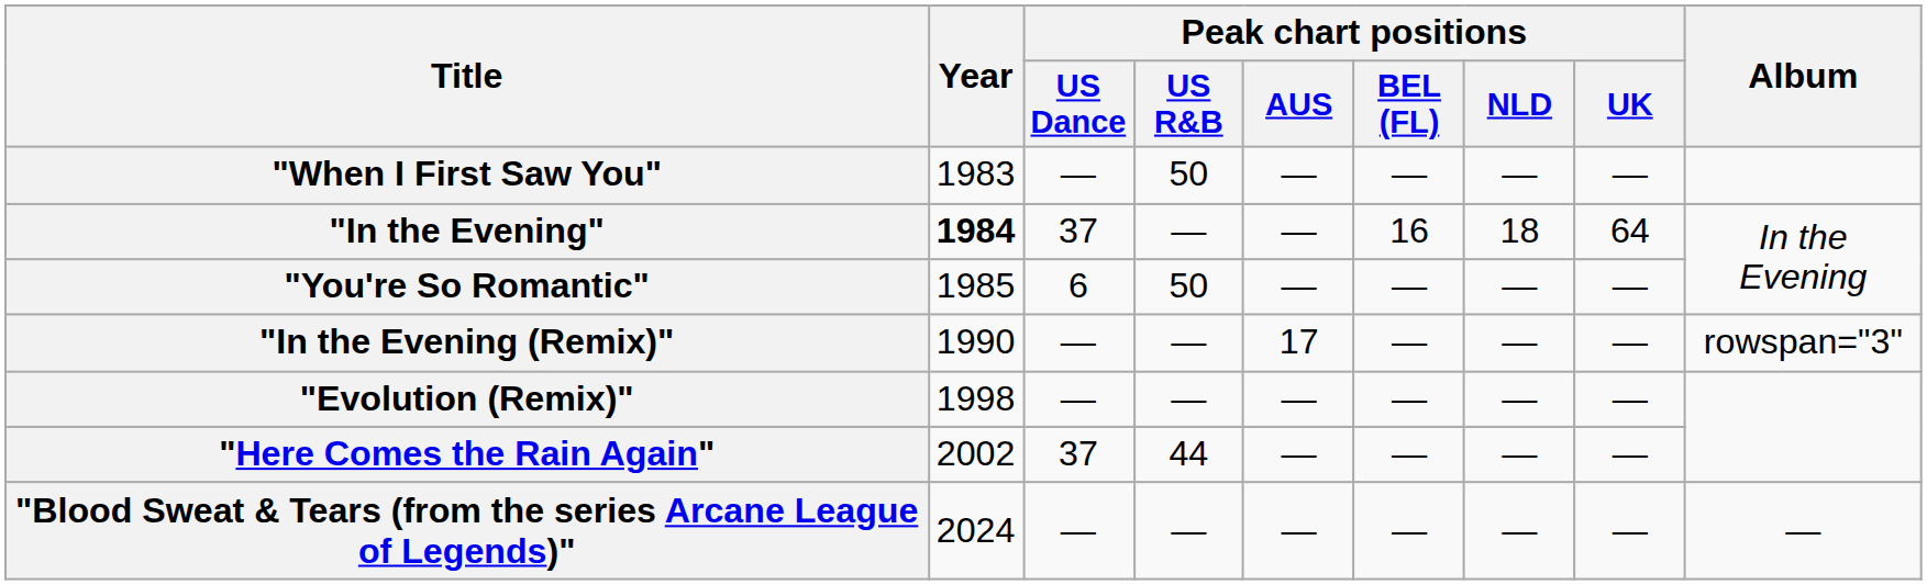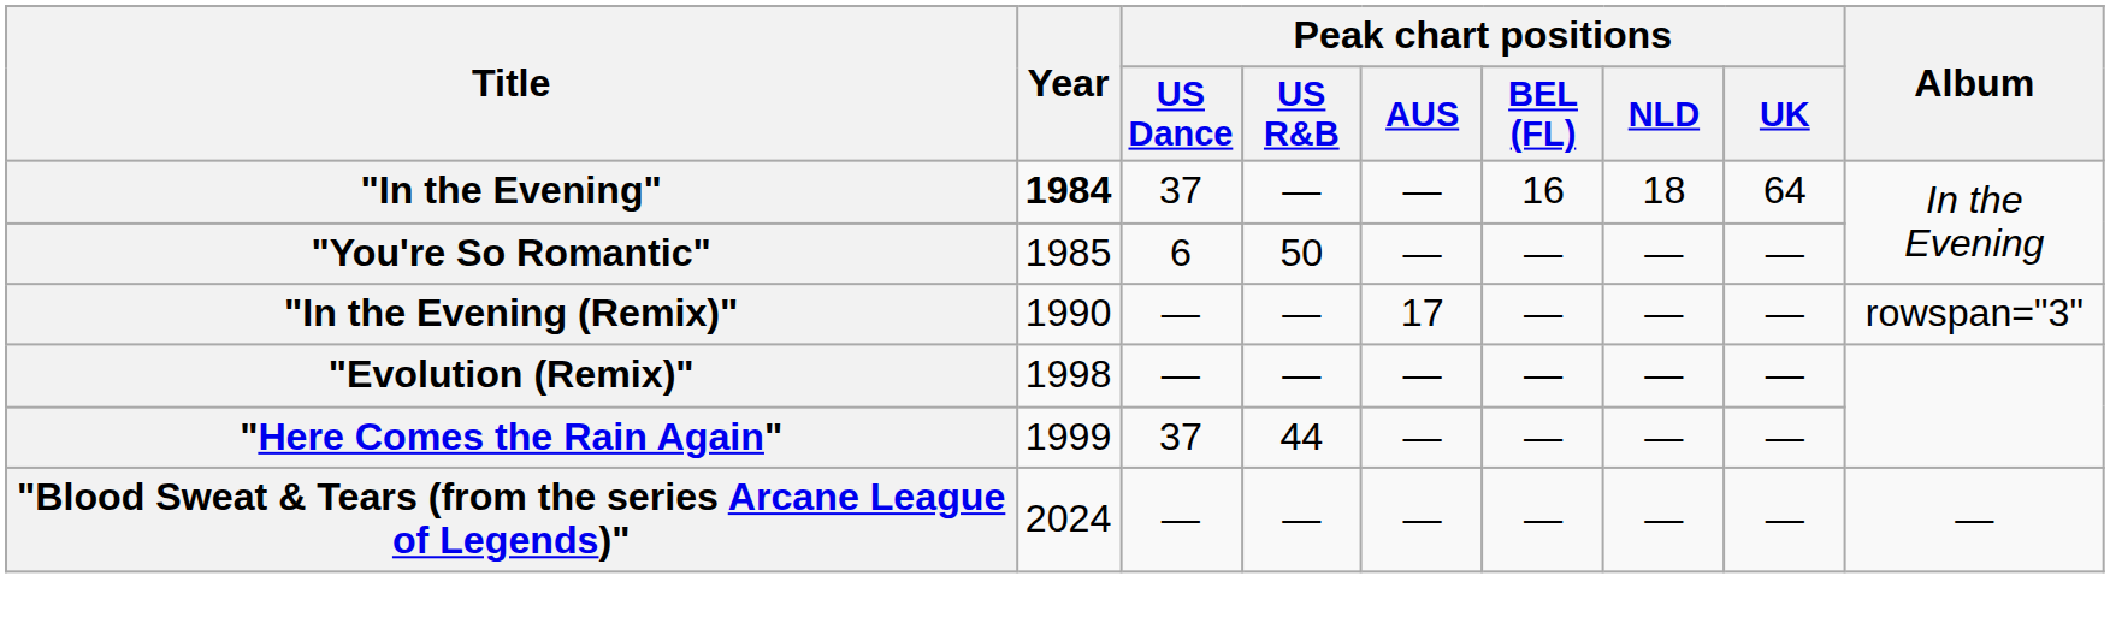 <table class="wikitable plainrowheaders" style="text-align:center;">
 <tr>
 <th scope="col" rowspan="2">Title</th>
 <th scope="col" rowspan="2">Year</th>
 <th scope="col" colspan="6">Peak chart positions</th>
 <th scope="col" rowspan="2">Album</th>
 </tr>
 <tr>
 <th scope="col" style="width:3em;font-size:90%;"><a href='#'>US<br>Dance</a><br></th>
 <th scope="col" style="width:3em;font-size:90%;"><a href='#'>US<br>R&B</a><br></th>
 <th scope="col" style="width:3em;font-size:90%;"><a href='#'>AUS</a><br></th>
 <th scope="col" style="width:3em;font-size:90%;"><a href='#'>BEL<br>(FL)</a><br></th>
 <th scope="col" style="width:3em;font-size:90%;"><a href='#'>NLD</a><br></th>
 <th scope="col" style="width:3em;font-size:90%;"><a href='#'>UK</a><br></th>
-</tr>
-<tr>
-<th scope="row">"When I First Saw You"</th>
-<td>1983</td>
-<td>—</td>
-<td>50</td>
-<td>—</td>
-<td>—</td>
-<td>—</td>
-<td>—</td>
-<td></td>
 </tr>
 <tr>
 <th scope="row">"In the Evening"</th>
 <td><strong>1984</strong></td>
 <td>37</td>
 <td>—</td>
 <td>—</td>
 <td>16</td>
 <td>18</td>
 <td>64</td>
 <td rowspan="2"><em>In the Evening</em></td>
 </tr>
 <tr>
 <th scope="row">"You're So Romantic"</th>
 <td>1985</td>
 <td>6</td>
 <td>50</td>
 <td>—</td>
 <td>—</td>
 <td>—</td>
 <td>—</td>
 </tr>
 <tr>
 <th scope="row">"In the Evening (Remix)"</th>
 <td>1990</td>
 <td>—</td>
 <td>—</td>
 <td>17</td>
 <td>—</td>
 <td>—</td>
 <td>—</td>
 <td>rowspan="3" </td>
 </tr>
 <tr>
 <th scope="row">"Evolution (Remix)"</th>
 <td>1998</td>
 <td>—</td>
 <td>—</td>
 <td>—</td>
 <td>—</td>
 <td>—</td>
 <td>—</td>
 </tr>
 <tr>
 <th scope="row">"<a href='#'>Here Comes the Rain Again</a>"</th>
-<td>2002</td>
+<td>1999</td>
 <td>37</td>
 <td>44</td>
 <td>—</td>
 <td>—</td>
 <td>—</td>
 <td>—</td>
 </tr>
 <tr>
 <th scope="row">"Blood Sweat & Tears (from the series <a href='#'>Arcane League of Legends</a>)"</th>
 <td>2024</td>
 <td>—</td>
 <td>—</td>
 <td>—</td>
 <td>—</td>
 <td>—</td>
 <td>—</td>
 <td>—</td>
 </tr>
 </table>
